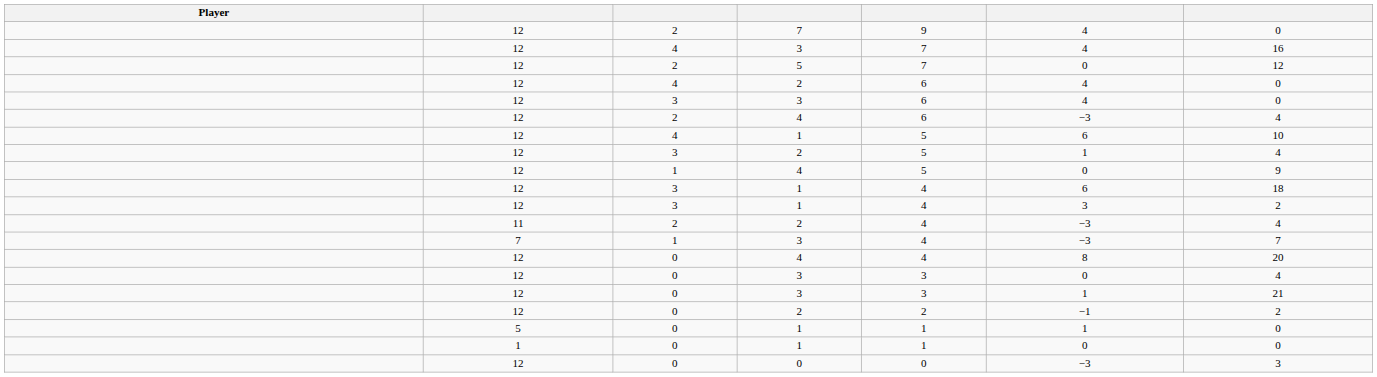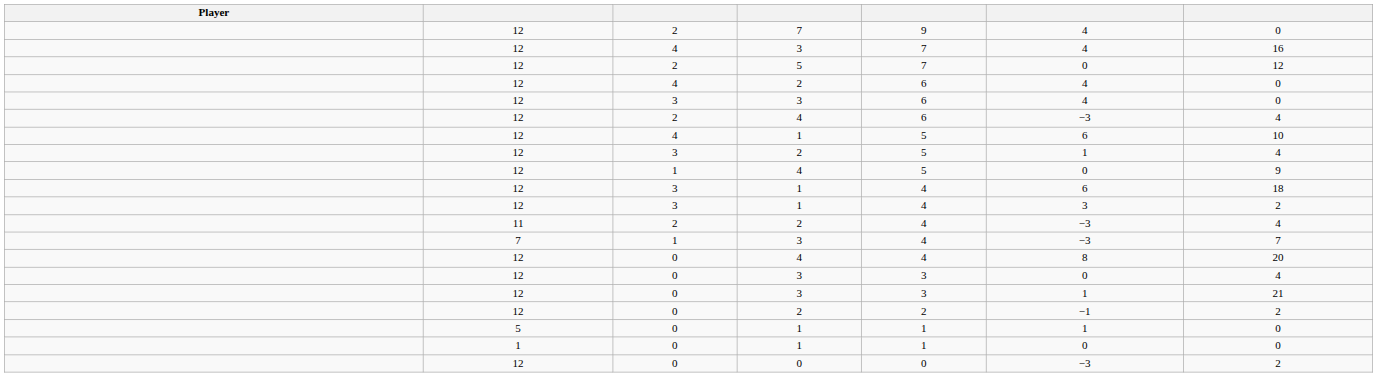 <table class="wikitable sortable" style="width:100%; text-align:center;">
 <tr>
 <th>Player</th>
 <th></th>
 <th></th>
 <th></th>
 <th></th>
 <th data-sort-type="number"></th>
 <th></th>
 </tr>
 <tr>
 <td></td>
 <td>12</td>
 <td>2</td>
 <td>7</td>
 <td>9</td>
 <td>4</td>
 <td>0</td>
 </tr>
 <tr>
 <td></td>
 <td>12</td>
 <td>4</td>
 <td>3</td>
 <td>7</td>
 <td>4</td>
 <td>16</td>
 </tr>
 <tr>
 <td></td>
 <td>12</td>
 <td>2</td>
 <td>5</td>
 <td>7</td>
 <td>0</td>
 <td>12</td>
 </tr>
 <tr>
 <td></td>
 <td>12</td>
 <td>4</td>
 <td>2</td>
 <td>6</td>
 <td>4</td>
 <td>0</td>
 </tr>
 <tr>
 <td></td>
 <td>12</td>
 <td>3</td>
 <td>3</td>
 <td>6</td>
 <td>4</td>
 <td>0</td>
 </tr>
 <tr>
 <td></td>
 <td>12</td>
 <td>2</td>
 <td>4</td>
 <td>6</td>
 <td>−3</td>
 <td>4</td>
 </tr>
 <tr>
 <td></td>
 <td>12</td>
 <td>4</td>
 <td>1</td>
 <td>5</td>
 <td>6</td>
 <td>10</td>
 </tr>
 <tr>
 <td></td>
 <td>12</td>
 <td>3</td>
 <td>2</td>
 <td>5</td>
 <td>1</td>
 <td>4</td>
 </tr>
 <tr>
 <td></td>
 <td>12</td>
 <td>1</td>
 <td>4</td>
 <td>5</td>
 <td>0</td>
 <td>9</td>
 </tr>
 <tr>
 <td></td>
 <td>12</td>
 <td>3</td>
 <td>1</td>
 <td>4</td>
 <td>6</td>
 <td>18</td>
 </tr>
 <tr>
 <td></td>
 <td>12</td>
 <td>3</td>
 <td>1</td>
 <td>4</td>
 <td>3</td>
 <td>2</td>
 </tr>
 <tr>
 <td></td>
 <td>11</td>
 <td>2</td>
 <td>2</td>
 <td>4</td>
 <td>−3</td>
 <td>4</td>
 </tr>
 <tr>
 <td></td>
 <td>7</td>
 <td>1</td>
 <td>3</td>
 <td>4</td>
 <td>−3</td>
 <td>7</td>
 </tr>
 <tr>
 <td></td>
 <td>12</td>
 <td>0</td>
 <td>4</td>
 <td>4</td>
 <td>8</td>
 <td>20</td>
 </tr>
 <tr>
 <td></td>
 <td>12</td>
 <td>0</td>
 <td>3</td>
 <td>3</td>
 <td>0</td>
 <td>4</td>
 </tr>
 <tr>
 <td></td>
 <td>12</td>
 <td>0</td>
 <td>3</td>
 <td>3</td>
 <td>1</td>
 <td>21</td>
 </tr>
 <tr>
 <td></td>
 <td>12</td>
 <td>0</td>
 <td>2</td>
 <td>2</td>
 <td>−1</td>
 <td>2</td>
 </tr>
 <tr>
 <td></td>
 <td>5</td>
 <td>0</td>
 <td>1</td>
 <td>1</td>
 <td>1</td>
 <td>0</td>
 </tr>
 <tr>
 <td></td>
 <td>1</td>
 <td>0</td>
 <td>1</td>
 <td>1</td>
 <td>0</td>
 <td>0</td>
 </tr>
 <tr>
 <td></td>
 <td>12</td>
 <td>0</td>
 <td>0</td>
 <td>0</td>
 <td>−3</td>
-<td>3</td>
+<td>2</td>
 </tr>
 </table>
